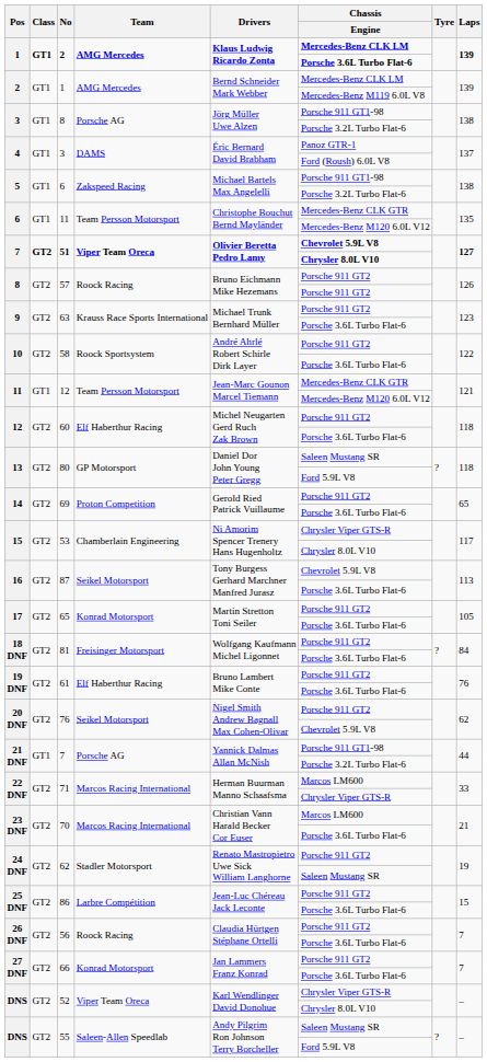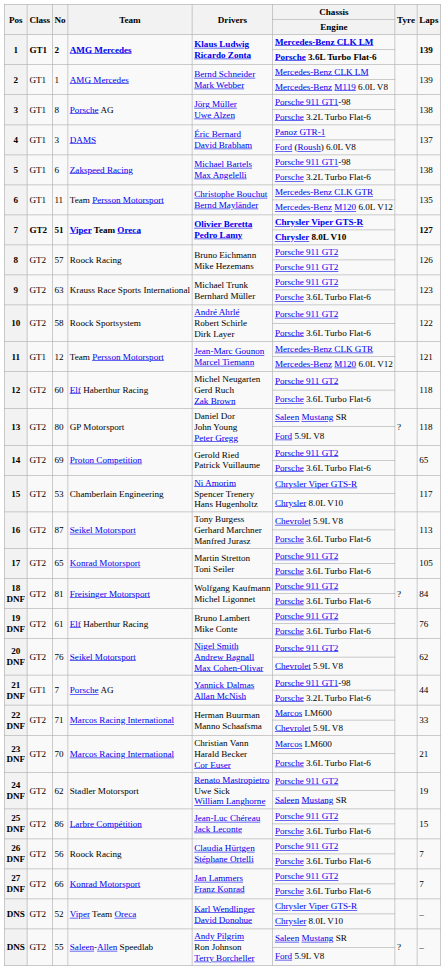 <table class="wikitable" style="font-size: 95%;">
 <tr>
 <th rowspan=2>Pos</th>
 <th rowspan=2>Class</th>
 <th rowspan=2>No</th>
 <th rowspan=2>Team</th>
 <th rowspan=2>Drivers</th>
 <th>Chassis</th>
 <th rowspan=2>Tyre</th>
 <th rowspan=2>Laps</th>
 </tr>
 <tr>
 <th>Engine</th>
 </tr>
 <tr style="font-weight:bold">
 <th rowspan=2>1</th>
 <td rowspan=2>GT1</td>
 <td rowspan=2>2</td>
 <td rowspan=2> <a href='#'>AMG Mercedes</a></td>
 <td rowspan=2> <a href='#'>Klaus Ludwig</a><br> <a href='#'>Ricardo Zonta</a></td>
 <td><a href='#'>Mercedes-Benz CLK LM</a></td>
 <td rowspan=2></td>
 <td rowspan=2>139</td>
 </tr>
 <tr style="font-weight:bold">
 <td><a href='#'>Porsche</a> 3.6L Turbo Flat-6</td>
 </tr>
 <tr>
 <th rowspan=2>2</th>
 <td rowspan=2>GT1</td>
 <td rowspan=2>1</td>
 <td rowspan=2> <a href='#'>AMG Mercedes</a></td>
 <td rowspan=2> <a href='#'>Bernd Schneider</a><br> <a href='#'>Mark Webber</a></td>
 <td><a href='#'>Mercedes-Benz CLK LM</a></td>
 <td rowspan=2></td>
 <td rowspan=2>139</td>
 </tr>
 <tr>
 <td><a href='#'>Mercedes-Benz</a> <a href='#'>M119</a> 6.0L V8</td>
 </tr>
 <tr>
 <th rowspan=2>3</th>
 <td rowspan=2>GT1</td>
 <td rowspan=2>8</td>
 <td rowspan=2> <a href='#'>Porsche</a> AG</td>
 <td rowspan=2> <a href='#'>Jörg Müller</a><br> <a href='#'>Uwe Alzen</a></td>
 <td><a href='#'>Porsche 911 GT1</a>-98</td>
 <td rowspan=2></td>
 <td rowspan=2>138</td>
 </tr>
 <tr>
 <td><a href='#'>Porsche</a> 3.2L Turbo Flat-6</td>
 </tr>
 <tr>
 <th rowspan=2>4</th>
 <td rowspan=2>GT1</td>
 <td rowspan=2>3</td>
 <td rowspan=2> <a href='#'>DAMS</a></td>
 <td rowspan=2> <a href='#'>Éric Bernard</a><br> <a href='#'>David Brabham</a></td>
 <td><a href='#'>Panoz GTR-1</a></td>
 <td rowspan=2></td>
 <td rowspan=2>137</td>
 </tr>
 <tr>
 <td><a href='#'>Ford</a> (<a href='#'>Roush</a>) 6.0L V8</td>
 </tr>
 <tr>
 <th rowspan=2>5</th>
 <td rowspan=2>GT1</td>
 <td rowspan=2>6</td>
 <td rowspan=2> <a href='#'>Zakspeed Racing</a></td>
 <td rowspan=2> <a href='#'>Michael Bartels</a><br> <a href='#'>Max Angelelli</a></td>
 <td><a href='#'>Porsche 911 GT1</a>-98</td>
 <td rowspan=2></td>
 <td rowspan=2>138</td>
 </tr>
 <tr>
 <td><a href='#'>Porsche</a> 3.2L Turbo Flat-6</td>
 </tr>
 <tr>
 <th rowspan=2>6</th>
 <td rowspan=2>GT1</td>
 <td rowspan=2>11</td>
 <td rowspan=2> Team <a href='#'>Persson Motorsport</a></td>
 <td rowspan=2> <a href='#'>Christophe Bouchut</a><br> <a href='#'>Bernd Mayländer</a></td>
 <td><a href='#'>Mercedes-Benz CLK GTR</a></td>
 <td rowspan=2></td>
 <td rowspan=2>135</td>
 </tr>
 <tr>
 <td><a href='#'>Mercedes-Benz</a> <a href='#'>M120</a> 6.0L V12</td>
 </tr>
 <tr style="font-weight:bold">
 <th rowspan=2>7</th>
 <td rowspan=2>GT2</td>
 <td rowspan=2>51</td>
 <td rowspan=2> <a href='#'>Viper</a> Team <a href='#'>Oreca</a></td>
 <td rowspan=2> <a href='#'>Olivier Beretta</a><br> <a href='#'>Pedro Lamy</a></td>
-<td><a href='#'>Chevrolet</a> 5.9L V8</td>
+<td><a href='#'>Chrysler Viper GTS-R</a></td>
 <td rowspan=2></td>
 <td rowspan=2>127</td>
 </tr>
 <tr style="font-weight:bold">
 <td><a href='#'>Chrysler</a> 8.0L V10</td>
 </tr>
 <tr>
 <th rowspan=2>8</th>
 <td rowspan=2>GT2</td>
 <td rowspan=2>57</td>
 <td rowspan=2> Roock Racing</td>
 <td rowspan=2> Bruno Eichmann<br> Mike Hezemans</td>
 <td><a href='#'>Porsche 911 GT2</a></td>
 <td rowspan=2></td>
 <td rowspan=2>126</td>
 </tr>
 <tr>
 <td><a href='#'>Porsche 911 GT2</a></td>
 </tr>
 <tr>
 <th rowspan=2>9</th>
 <td rowspan=2>GT2</td>
 <td rowspan=2>63</td>
 <td rowspan=2> Krauss Race Sports International</td>
 <td rowspan=2> Michael Trunk<br> Bernhard Müller</td>
 <td><a href='#'>Porsche 911 GT2</a></td>
 <td rowspan=2></td>
 <td rowspan=2>123</td>
 </tr>
 <tr>
 <td><a href='#'>Porsche</a> 3.6L Turbo Flat-6</td>
 </tr>
 <tr>
 <th rowspan=2>10</th>
 <td rowspan=2>GT2</td>
 <td rowspan=2>58</td>
 <td rowspan=2> Roock Sportsystem</td>
 <td rowspan=2> <a href='#'>André Ahrlé</a><br> Robert Schirle<br> Dirk Layer</td>
 <td><a href='#'>Porsche 911 GT2</a></td>
 <td rowspan=2></td>
 <td rowspan=2>122</td>
 </tr>
 <tr>
 <td><a href='#'>Porsche</a> 3.6L Turbo Flat-6</td>
 </tr>
 <tr>
 <th rowspan=2>11</th>
 <td rowspan=2>GT1</td>
 <td rowspan=2>12</td>
 <td rowspan=2> Team <a href='#'>Persson Motorsport</a></td>
 <td rowspan=2> <a href='#'>Jean-Marc Gounon</a><br> <a href='#'>Marcel Tiemann</a></td>
 <td><a href='#'>Mercedes-Benz CLK GTR</a></td>
 <td rowspan=2></td>
 <td rowspan=2>121</td>
 </tr>
 <tr>
 <td><a href='#'>Mercedes-Benz</a> <a href='#'>M120</a> 6.0L V12</td>
 </tr>
 <tr>
 <th rowspan=2>12</th>
 <td rowspan=2>GT2</td>
 <td rowspan=2>60</td>
 <td rowspan=2> <a href='#'>Elf</a> Haberthur Racing</td>
 <td rowspan=2> Michel Neugarten<br> Gerd Ruch<br> <a href='#'>Zak Brown</a></td>
 <td><a href='#'>Porsche 911 GT2</a></td>
 <td rowspan=2></td>
 <td rowspan=2>118</td>
 </tr>
 <tr>
 <td><a href='#'>Porsche</a> 3.6L Turbo Flat-6</td>
 </tr>
 <tr>
 <th rowspan=2>13</th>
 <td rowspan=2>GT2</td>
 <td rowspan=2>80</td>
 <td rowspan=2> GP Motorsport</td>
 <td rowspan=2> Daniel Dor<br> John Young<br> <a href='#'>Peter Gregg</a></td>
 <td><a href='#'>Saleen</a> <a href='#'>Mustang</a> SR</td>
 <td rowspan=2>?</td>
 <td rowspan=2>118</td>
 </tr>
 <tr>
 <td><a href='#'>Ford</a> 5.9L V8</td>
 </tr>
 <tr>
 <th rowspan=2>14</th>
 <td rowspan=2>GT2</td>
 <td rowspan=2>69</td>
 <td rowspan=2> <a href='#'>Proton Competition</a></td>
 <td rowspan=2> Gerold Ried<br> Patrick Vuillaume</td>
 <td><a href='#'>Porsche 911 GT2</a></td>
 <td rowspan=2></td>
 <td rowspan=2>65</td>
 </tr>
 <tr>
 <td><a href='#'>Porsche</a> 3.6L Turbo Flat-6</td>
 </tr>
 <tr>
 <th rowspan=2>15</th>
 <td rowspan=2>GT2</td>
 <td rowspan=2>53</td>
 <td rowspan=2> Chamberlain Engineering</td>
 <td rowspan=2> <a href='#'>Ni Amorim</a><br> Spencer Trenery<br> Hans Hugenholtz</td>
 <td><a href='#'>Chrysler Viper GTS-R</a></td>
 <td rowspan=2></td>
 <td rowspan=2>117</td>
 </tr>
 <tr>
 <td><a href='#'>Chrysler</a> 8.0L V10</td>
 </tr>
 <tr>
 <th rowspan=2>16</th>
 <td rowspan=2>GT2</td>
 <td rowspan=2>87</td>
 <td rowspan=2> <a href='#'>Seikel Motorsport</a></td>
 <td rowspan=2> Tony Burgess<br> Gerhard Marchner<br> Manfred Jurasz</td>
 <td><a href='#'>Chevrolet</a> 5.9L V8</td>
 <td rowspan=2></td>
 <td rowspan=2>113</td>
 </tr>
 <tr>
 <td><a href='#'>Porsche</a> 3.6L Turbo Flat-6</td>
 </tr>
 <tr>
 <th rowspan=2>17</th>
 <td rowspan=2>GT2</td>
 <td rowspan=2>65</td>
 <td rowspan=2> <a href='#'>Konrad Motorsport</a></td>
 <td rowspan=2> Martin Stretton<br> Toni Seiler</td>
 <td><a href='#'>Porsche 911 GT2</a></td>
 <td rowspan=2></td>
 <td rowspan=2>105</td>
 </tr>
 <tr>
 <td><a href='#'>Porsche</a> 3.6L Turbo Flat-6</td>
 </tr>
 <tr>
 <th rowspan=2>18<br>DNF</th>
 <td rowspan=2>GT2</td>
 <td rowspan=2>81</td>
 <td rowspan=2> <a href='#'>Freisinger Motorsport</a></td>
 <td rowspan=2> Wolfgang Kaufmann<br> Michel Ligonnet</td>
 <td><a href='#'>Porsche 911 GT2</a></td>
 <td rowspan=2>?</td>
 <td rowspan=2>84</td>
 </tr>
 <tr>
 <td><a href='#'>Porsche</a> 3.6L Turbo Flat-6</td>
 </tr>
 <tr>
 <th rowspan=2>19<br>DNF</th>
 <td rowspan=2>GT2</td>
 <td rowspan=2>61</td>
 <td rowspan=2> <a href='#'>Elf</a> Haberthur Racing</td>
 <td rowspan=2> Bruno Lambert<br> Mike Conte</td>
 <td><a href='#'>Porsche 911 GT2</a></td>
 <td rowspan=2></td>
 <td rowspan=2>76</td>
 </tr>
 <tr>
 <td><a href='#'>Porsche</a> 3.6L Turbo Flat-6</td>
 </tr>
 <tr>
 <th rowspan=2>20<br>DNF</th>
 <td rowspan=2>GT2</td>
 <td rowspan=2>76</td>
 <td rowspan=2> <a href='#'>Seikel Motorsport</a></td>
 <td rowspan=2> <a href='#'>Nigel Smith</a><br> <a href='#'>Andrew Bagnall</a><br> <a href='#'>Max Cohen-Olivar</a></td>
 <td><a href='#'>Porsche 911 GT2</a></td>
 <td rowspan=2></td>
 <td rowspan=2>62</td>
 </tr>
 <tr>
 <td><a href='#'>Chevrolet</a> 5.9L V8</td>
 </tr>
 <tr>
 <th rowspan=2>21<br>DNF</th>
 <td rowspan=2>GT1</td>
 <td rowspan=2>7</td>
 <td rowspan=2> <a href='#'>Porsche</a> AG</td>
 <td rowspan=2> <a href='#'>Yannick Dalmas</a><br> <a href='#'>Allan McNish</a></td>
 <td><a href='#'>Porsche 911 GT1</a>-98</td>
 <td rowspan=2></td>
 <td rowspan=2>44</td>
 </tr>
 <tr>
 <td><a href='#'>Porsche</a> 3.2L Turbo Flat-6</td>
 </tr>
 <tr>
 <th rowspan=2>22<br>DNF</th>
 <td rowspan=2>GT2</td>
 <td rowspan=2>71</td>
 <td rowspan=2> <a href='#'>Marcos Racing International</a></td>
 <td rowspan=2> Herman Buurman<br> Manno Schaafsma</td>
 <td><a href='#'>Marcos</a> LM600</td>
 <td rowspan=2></td>
 <td rowspan=2>33</td>
 </tr>
 <tr>
-<td><a href='#'>Chrysler Viper GTS-R</a></td>
+<td><a href='#'>Chevrolet</a> 5.9L V8</td>
 </tr>
 <tr>
 <th rowspan=2>23<br>DNF</th>
 <td rowspan=2>GT2</td>
 <td rowspan=2>70</td>
 <td rowspan=2> <a href='#'>Marcos Racing International</a></td>
 <td rowspan=2> Christian Vann<br> Harald Becker<br> <a href='#'>Cor Euser</a></td>
 <td><a href='#'>Marcos</a> LM600</td>
 <td rowspan=2></td>
 <td rowspan=2>21</td>
 </tr>
 <tr>
 <td><a href='#'>Porsche</a> 3.6L Turbo Flat-6</td>
 </tr>
 <tr>
 <th rowspan=2>24<br>DNF</th>
 <td rowspan=2>GT2</td>
 <td rowspan=2>62</td>
 <td rowspan=2> Stadler Motorsport</td>
 <td rowspan=2> <a href='#'>Renato Mastropietro</a><br> Uwe Sick<br> <a href='#'>William Langhorne</a></td>
 <td><a href='#'>Porsche 911 GT2</a></td>
 <td rowspan=2></td>
 <td rowspan=2>19</td>
 </tr>
 <tr>
 <td><a href='#'>Saleen</a> <a href='#'>Mustang</a> SR</td>
 </tr>
 <tr>
 <th rowspan=2>25<br>DNF</th>
 <td rowspan=2>GT2</td>
 <td rowspan=2>86</td>
 <td rowspan=2> <a href='#'>Larbre Compétition</a></td>
 <td rowspan=2> <a href='#'>Jean-Luc Chéreau</a><br> <a href='#'>Jack Leconte</a></td>
 <td><a href='#'>Porsche 911 GT2</a></td>
 <td rowspan=2></td>
 <td rowspan=2>15</td>
 </tr>
 <tr>
 <td><a href='#'>Porsche</a> 3.6L Turbo Flat-6</td>
 </tr>
 <tr>
 <th rowspan=2>26<br>DNF</th>
 <td rowspan=2>GT2</td>
 <td rowspan=2>56</td>
 <td rowspan=2> Roock Racing</td>
 <td rowspan=2> <a href='#'>Claudia Hürtgen</a><br> <a href='#'>Stéphane Ortelli</a></td>
 <td><a href='#'>Porsche 911 GT2</a></td>
 <td rowspan=2></td>
 <td rowspan=2>7</td>
 </tr>
 <tr>
 <td><a href='#'>Porsche</a> 3.6L Turbo Flat-6</td>
 </tr>
 <tr>
 <th rowspan=2>27<br>DNF</th>
 <td rowspan=2>GT2</td>
 <td rowspan=2>66</td>
 <td rowspan=2> <a href='#'>Konrad Motorsport</a></td>
 <td rowspan=2> <a href='#'>Jan Lammers</a><br> <a href='#'>Franz Konrad</a></td>
 <td><a href='#'>Porsche 911 GT2</a></td>
 <td rowspan=2></td>
 <td rowspan=2>7</td>
 </tr>
 <tr>
 <td><a href='#'>Porsche</a> 3.6L Turbo Flat-6</td>
 </tr>
 <tr>
 <th rowspan=2>DNS</th>
 <td rowspan=2>GT2</td>
 <td rowspan=2>52</td>
 <td rowspan=2> <a href='#'>Viper</a> Team <a href='#'>Oreca</a></td>
 <td rowspan=2> <a href='#'>Karl Wendlinger</a><br> <a href='#'>David Donohue</a></td>
 <td><a href='#'>Chrysler Viper GTS-R</a></td>
 <td rowspan=2></td>
 <td rowspan=2>–</td>
 </tr>
 <tr>
 <td><a href='#'>Chrysler</a> 8.0L V10</td>
 </tr>
 <tr>
 <th rowspan=2>DNS</th>
 <td rowspan=2>GT2</td>
 <td rowspan=2>55</td>
 <td rowspan=2> <a href='#'>Saleen</a>-<a href='#'>Allen</a> Speedlab</td>
 <td rowspan=2> <a href='#'>Andy Pilgrim</a><br> Ron Johnson<br> <a href='#'>Terry Borcheller</a></td>
 <td><a href='#'>Saleen</a> <a href='#'>Mustang</a> SR</td>
 <td rowspan=2>?</td>
 <td rowspan=2>–</td>
 </tr>
 <tr>
 <td><a href='#'>Ford</a> 5.9L V8</td>
 </tr>
 </table>
